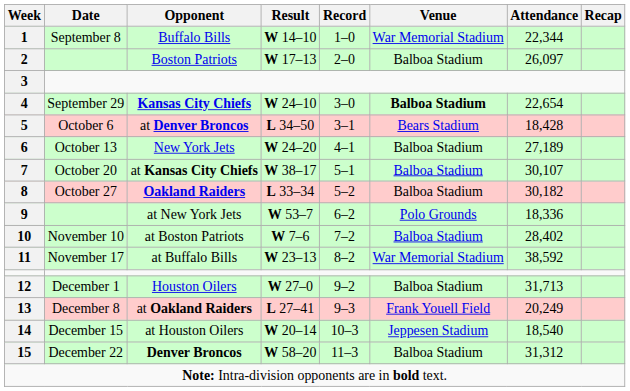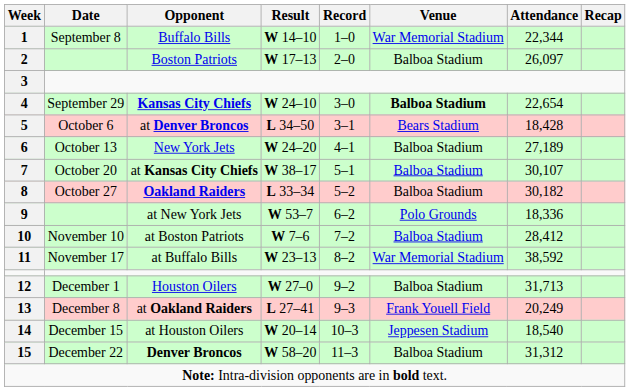 <table class="wikitable" style="text-align:center">
 <tr>
 <th scope="col">Week</th>
 <th scope="col">Date</th>
 <th scope="col">Opponent</th>
 <th scope="col">Result</th>
 <th scope="col">Record</th>
 <th scope="col">Venue</th>
 <th scope="col">Attendance</th>
 <th scope="col">Recap</th>
 </tr>
 <tr style="background:#cfc">
 <th>1</th>
 <td>September 8</td>
 <td><a href='#'>Buffalo Bills</a></td>
 <td><strong>W</strong> 14–10</td>
 <td>1–0</td>
 <td><a href='#'>War Memorial Stadium</a></td>
 <td>22,344</td>
 <td></td>
 </tr>
 <tr style="background:#cfc">
 <th>2</th>
 <td></td>
 <td><a href='#'>Boston Patriots</a></td>
 <td><strong>W</strong> 17–13</td>
 <td>2–0</td>
 <td>Balboa Stadium</td>
 <td>26,097</td>
 <td></td>
 </tr>
 <tr>
 <th>3</th>
 <td colspan="7"></td>
 </tr>
 <tr style="background:#cfc">
 <th>4</th>
 <td>September 29</td>
 <td><strong><a href='#'>Kansas City Chiefs</a></strong></td>
 <td><strong>W</strong> 24–10</td>
 <td>3–0</td>
 <td><strong>Balboa Stadium</strong></td>
 <td>22,654</td>
 <td></td>
 </tr>
 <tr style="background:#fcc">
 <th>5</th>
 <td>October 6</td>
 <td>at <strong><a href='#'>Denver Broncos</a></strong></td>
 <td><strong>L</strong> 34–50</td>
 <td>3–1</td>
 <td><a href='#'>Bears Stadium</a></td>
 <td>18,428</td>
 <td></td>
 </tr>
 <tr style="background:#cfc">
 <th>6</th>
 <td>October 13</td>
 <td><a href='#'>New York Jets</a></td>
 <td><strong>W</strong> 24–20</td>
 <td>4–1</td>
 <td>Balboa Stadium</td>
 <td>27,189</td>
 <td></td>
 </tr>
 <tr style="background:#cfc">
 <th>7</th>
 <td>October 20</td>
 <td>at <strong>Kansas City Chiefs</strong></td>
 <td><strong>W</strong> 38–17</td>
 <td>5–1</td>
 <td><a href='#'>Balboa Stadium</a></td>
 <td>30,107</td>
 <td></td>
 </tr>
 <tr style="background:#fcc">
 <th>8</th>
 <td>October 27</td>
 <td><strong><a href='#'>Oakland Raiders</a></strong></td>
 <td><strong>L</strong> 33–34</td>
 <td>5–2</td>
 <td>Balboa Stadium</td>
 <td>30,182</td>
 <td></td>
 </tr>
 <tr style="background:#cfc">
 <th>9</th>
 <td></td>
 <td>at New York Jets</td>
 <td><strong>W</strong> 53–7</td>
 <td>6–2</td>
 <td><a href='#'>Polo Grounds</a></td>
 <td>18,336</td>
 <td></td>
 </tr>
 <tr style="background:#cfc">
 <th>10</th>
 <td>November 10</td>
 <td>at Boston Patriots</td>
 <td><strong>W</strong> 7–6</td>
 <td>7–2</td>
 <td><a href='#'>Balboa Stadium</a></td>
-<td>28,402</td>
+<td>28,412</td>
 <td></td>
 </tr>
 <tr style="background:#cfc">
 <th>11</th>
 <td>November 17</td>
 <td>at Buffalo Bills</td>
 <td><strong>W</strong> 23–13</td>
 <td>8–2</td>
 <td><a href='#'>War Memorial Stadium</a></td>
 <td>38,592</td>
 <td></td>
 </tr>
 <tr>
 <td align=center></td>
 <td colSpan="7"></td>
 </tr>
 <tr style="background:#cfc">
 <th>12</th>
 <td>December 1</td>
 <td><a href='#'>Houston Oilers</a></td>
 <td><strong>W</strong> 27–0</td>
 <td>9–2</td>
 <td>Balboa Stadium</td>
 <td>31,713</td>
 <td></td>
 </tr>
 <tr style="background:#fcc">
 <th>13</th>
 <td>December 8</td>
 <td>at <strong>Oakland Raiders</strong></td>
 <td><strong>L</strong> 27–41</td>
 <td>9–3</td>
 <td><a href='#'>Frank Youell Field</a></td>
 <td>20,249</td>
 <td></td>
 </tr>
 <tr style="background:#cfc">
 <th>14</th>
 <td>December 15</td>
 <td>at Houston Oilers</td>
 <td><strong>W</strong> 20–14</td>
 <td>10–3</td>
 <td><a href='#'>Jeppesen Stadium</a></td>
 <td>18,540</td>
 <td></td>
 </tr>
 <tr style="background:#cfc">
 <th>15</th>
 <td>December 22</td>
 <td><strong>Denver Broncos</strong></td>
 <td><strong>W</strong> 58–20</td>
 <td>11–3</td>
 <td>Balboa Stadium</td>
 <td>31,312</td>
 <td></td>
 </tr>
 <tr>
 <td colspan="8"><strong>Note:</strong> Intra-division opponents are in <strong>bold</strong> text.</td>
 </tr>
 </table>
